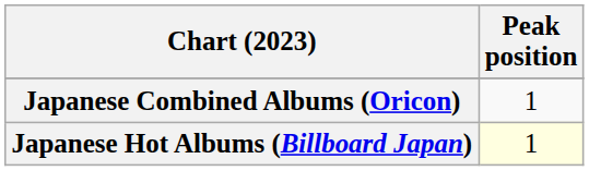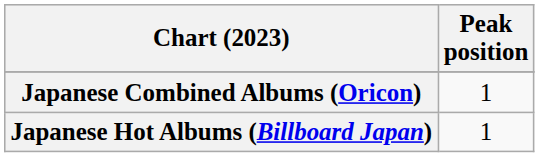 <table class="wikitable sortable plainrowheaders" style="text-align:center;">
 <tr>
 <th scope="col">Chart (2023)</th>
 <th scope="col">Peak<br>position</th>
 </tr>
 <tr>
 </tr>
 <tr>
 <th scope="row">Japanese Combined Albums (<a href='#'>Oricon</a>)</th>
 <td>1</td>
 </tr>
 <tr>
 <th scope="row">Japanese Hot Albums (<em><a href='#'>Billboard Japan</a></em>)</th>
-<td style="background: lightyellow;">1</td>
+<td>1</td>
 </tr>
 </table>
